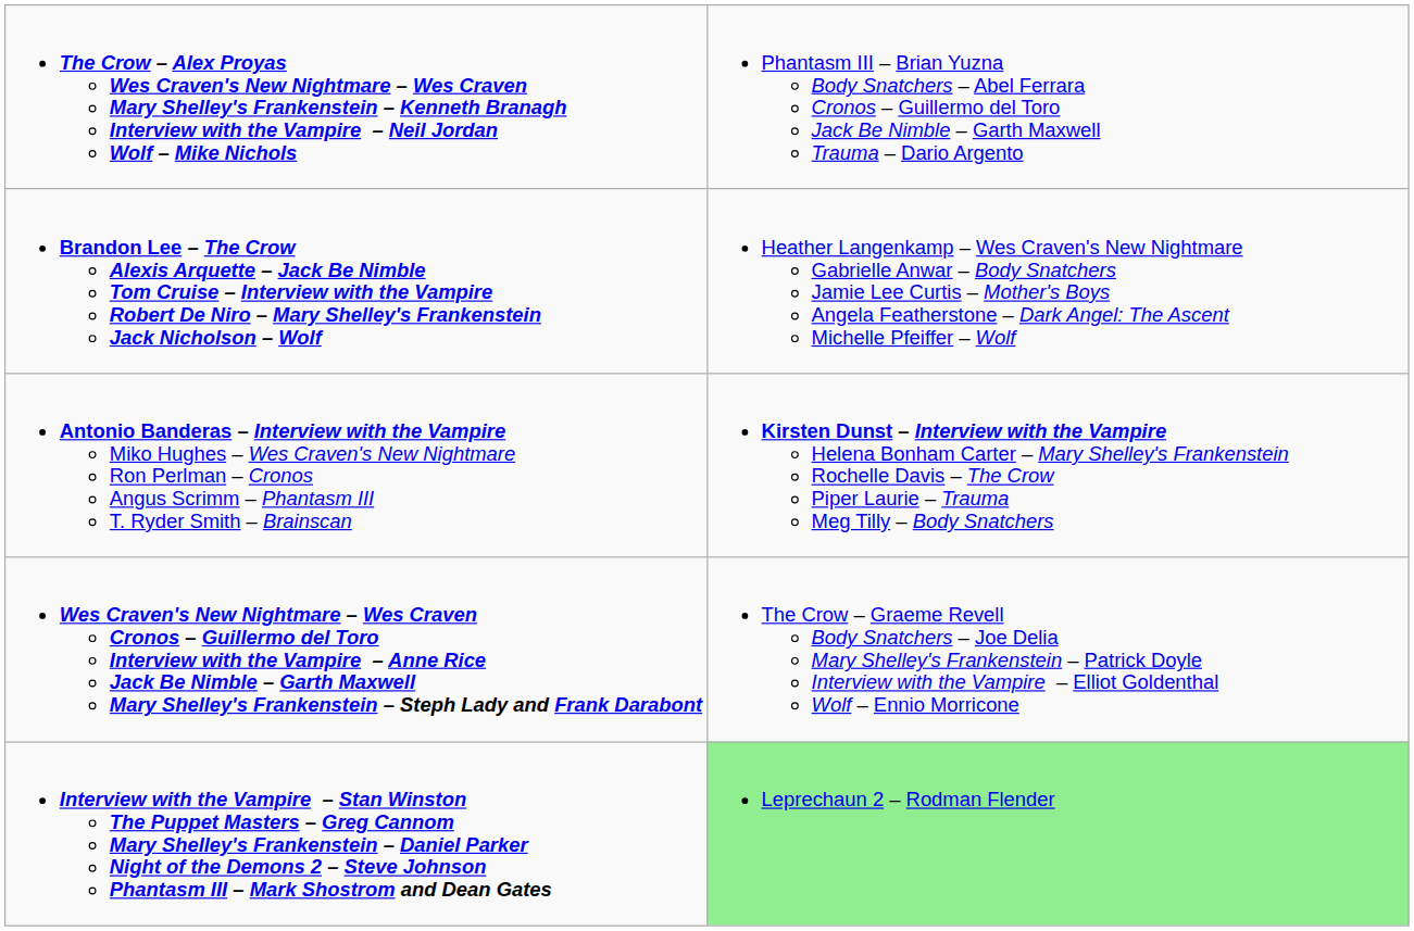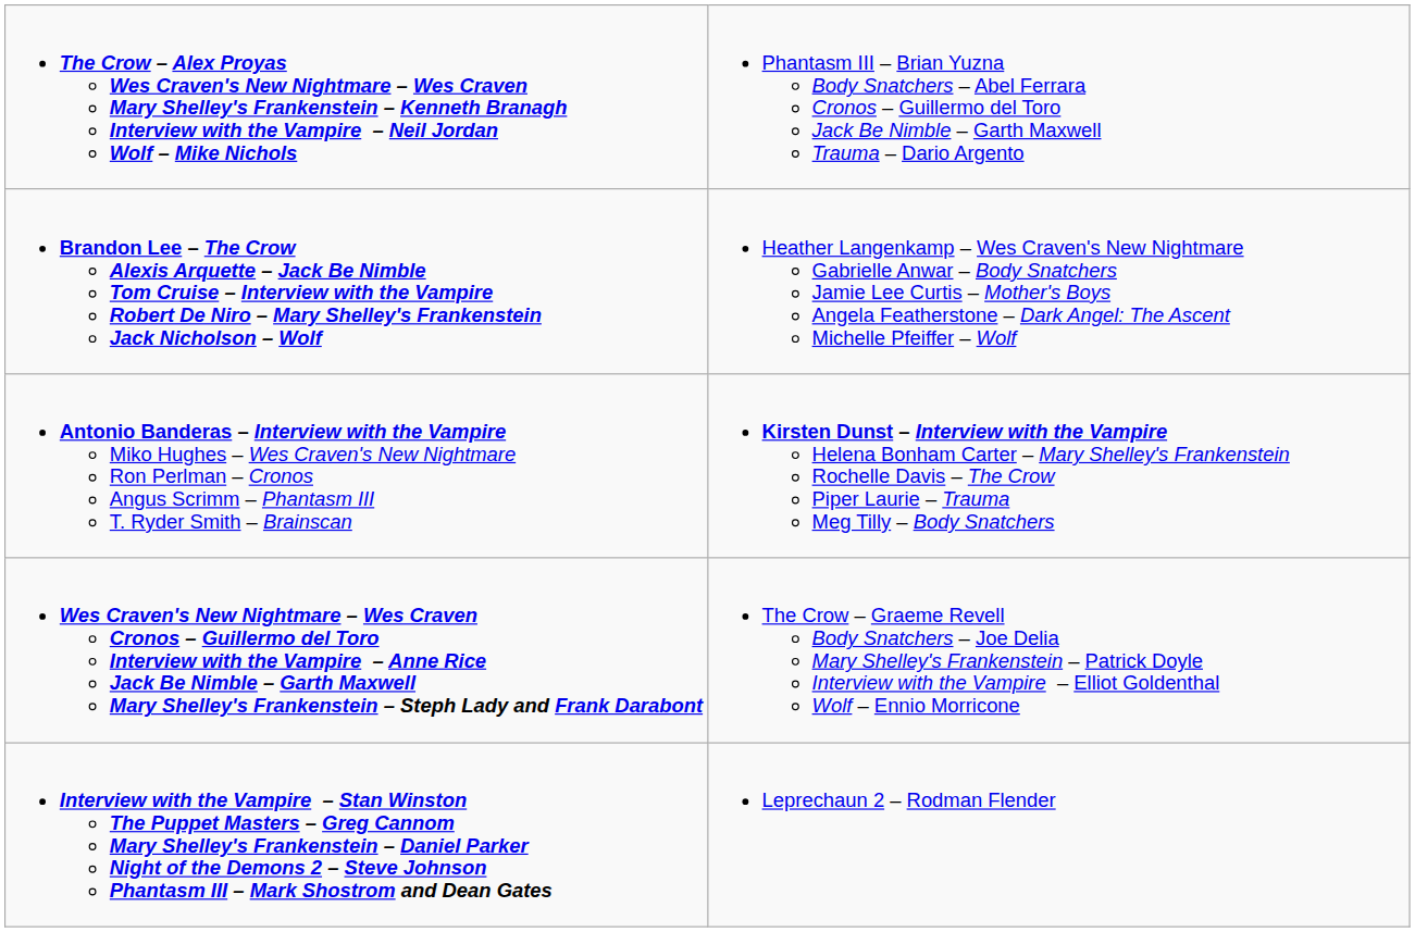 <table class="wikitable">
 <tr>
 <td valign="top" width="50%"><br><ul><li><strong><em><a href='#'>The Crow</a><em> – <a href='#'>Alex Proyas</a> <strong><ul><li></em><a href='#'>Wes Craven's New Nightmare</a><em> – <a href='#'>Wes Craven</a></li><li></em><a href='#'>Mary Shelley's Frankenstein</a><em> – <a href='#'>Kenneth Branagh</a></li><li></em><a href='#'>Interview with the Vampire</a><em>  – <a href='#'>Neil Jordan</a></li><li></em><a href='#'>Wolf</a><em> – <a href='#'>Mike Nichols</a></li></ul></li></ul></td>
 <td valign="top" width="50%"><br><ul><li></em></strong><a href='#'>Phantasm III</a></em> – <a href='#'>Brian Yuzna</a></strong><ul><li><em><a href='#'>Body Snatchers</a></em> – <a href='#'>Abel Ferrara</a></li><li><em><a href='#'>Cronos</a></em> – <a href='#'>Guillermo del Toro</a></li><li><em><a href='#'>Jack Be Nimble</a></em> – <a href='#'>Garth Maxwell</a></li><li><em><a href='#'>Trauma</a></em> – <a href='#'>Dario Argento</a></li></ul></li></ul></td>
 </tr>
 <tr>
 <td valign="top"><br><ul><li><strong><a href='#'>Brandon Lee</a> – <em><a href='#'>The Crow</a><strong><em><ul><li><a href='#'>Alexis Arquette</a> – </em><a href='#'>Jack Be Nimble</a><em></li><li><a href='#'>Tom Cruise</a> – </em><a href='#'>Interview with the Vampire</a><em></li><li><a href='#'>Robert De Niro</a> – </em><a href='#'>Mary Shelley's Frankenstein</a><em></li><li><a href='#'>Jack Nicholson</a> – </em><a href='#'>Wolf</a><em></li></ul></li></ul></td>
 <td valign="top"><br><ul><li></strong><a href='#'>Heather Langenkamp</a> – </em><a href='#'>Wes Craven's New Nightmare</a></em></strong><ul><li><a href='#'>Gabrielle Anwar</a> – <em><a href='#'>Body Snatchers</a></em></li><li><a href='#'>Jamie Lee Curtis</a> – <em><a href='#'>Mother's Boys</a></em></li><li><a href='#'>Angela Featherstone</a> – <em><a href='#'>Dark Angel: The Ascent</a></em></li><li><a href='#'>Michelle Pfeiffer</a> – <em><a href='#'>Wolf</a></em></li></ul></li></ul></td>
 </tr>
 <tr>
 <td valign="top"><br><ul><li><strong><a href='#'>Antonio Banderas</a> – <em><a href='#'>Interview with the Vampire</a></em> </strong><ul><li><a href='#'>Miko Hughes</a> – <em><a href='#'>Wes Craven's New Nightmare</a></em></li><li><a href='#'>Ron Perlman</a> – <em><a href='#'>Cronos</a></em></li><li><a href='#'>Angus Scrimm</a> – <em><a href='#'>Phantasm III</a></em></li><li><a href='#'>T. Ryder Smith</a> – <em><a href='#'>Brainscan</a></em></li></ul></li></ul></td>
 <td valign="top"><br><ul><li><strong><a href='#'>Kirsten Dunst</a> – <em><a href='#'>Interview with the Vampire</a></em> </strong><ul><li><a href='#'>Helena Bonham Carter</a> – <em><a href='#'>Mary Shelley's Frankenstein</a></em></li><li><a href='#'>Rochelle Davis</a> – <em><a href='#'>The Crow</a></em></li><li><a href='#'>Piper Laurie</a> – <em><a href='#'>Trauma</a></em></li><li><a href='#'>Meg Tilly</a> – <em><a href='#'>Body Snatchers</a></em></li></ul></li></ul></td>
 </tr>
 <tr>
 <td valign="top"><br><ul><li><strong><em><a href='#'>Wes Craven's New Nightmare</a><em> – <a href='#'>Wes Craven</a><strong><ul><li></em><a href='#'>Cronos</a><em> – <a href='#'>Guillermo del Toro</a></li><li></em><a href='#'>Interview with the Vampire</a><em>  – <a href='#'>Anne Rice</a></li><li></em><a href='#'>Jack Be Nimble</a><em> – <a href='#'>Garth Maxwell</a></li><li></em><a href='#'>Mary Shelley's Frankenstein</a><em> – Steph Lady and <a href='#'>Frank Darabont</a></li></ul></li></ul></td>
 <td valign="top"><br><ul><li></em></strong><a href='#'>The Crow</a></em> – <a href='#'>Graeme Revell</a></strong><ul><li><em><a href='#'>Body Snatchers</a></em> – <a href='#'>Joe Delia</a></li><li><em><a href='#'>Mary Shelley's Frankenstein</a></em> – <a href='#'>Patrick Doyle</a></li><li><em><a href='#'>Interview with the Vampire</a></em>  – <a href='#'>Elliot Goldenthal</a></li><li><em><a href='#'>Wolf</a></em> – <a href='#'>Ennio Morricone</a></li></ul></li></ul></td>
 </tr>
 <tr>
 <td valign="top"><br><ul><li><strong><em><a href='#'>Interview with the Vampire</a><em>  – <a href='#'>Stan Winston</a><strong><ul><li></em><a href='#'>The Puppet Masters</a><em> – <a href='#'>Greg Cannom</a></li><li></em><a href='#'>Mary Shelley's Frankenstein</a><em> – <a href='#'>Daniel Parker</a></li><li></em><a href='#'>Night of the Demons 2</a><em> – <a href='#'>Steve Johnson</a></li><li></em><a href='#'>Phantasm III</a><em> – <a href='#'>Mark Shostrom</a> and Dean Gates</li></ul></li></ul></td>
-<td valign="top" style="background: lightgreen;"><br><ul><li></em></strong><a href='#'>Leprechaun 2</a></em> – <a href='#'>Rodman Flender</a></strong></li></ul></td>
+<td valign="top"><br><ul><li></em></strong><a href='#'>Leprechaun 2</a></em> – <a href='#'>Rodman Flender</a></strong></li></ul></td>
 </tr>
 </table>
